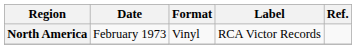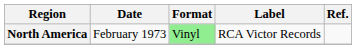 <table class="wikitable plainrowheaders">
 <tr>
 <th scope="col">Region</th>
 <th scope="col">Date</th>
 <th scope="col">Format</th>
 <th scope="col">Label</th>
 <th scope="col">Ref.</th>
 </tr>
 <tr>
 <th scope="row">North America</th>
 <td>February 1973</td>
-<td>Vinyl</td>
+<td style="background: lightgreen;">Vinyl</td>
 <td>RCA Victor Records</td>
 <td></td>
 </tr>
 <tr>
 </tr>
 </table>
